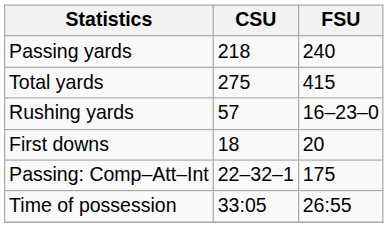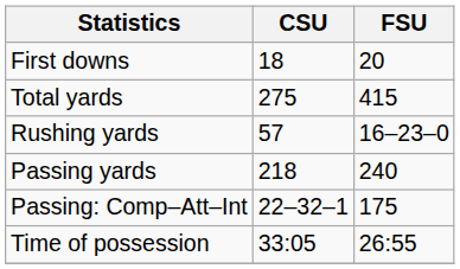 <table class="wikitable" style="float: left;">
 <tr>
 <th>Statistics</th>
 <th>CSU</th>
 <th>FSU</th>
 </tr>
 <tr>
-<td>Passing yards</td>
-<td>218</td>
-<td>240</td>
+<td>First downs</td>
+<td>18</td>
+<td>20</td>
 </tr>
 <tr>
 <td>Total yards</td>
 <td>275</td>
 <td>415</td>
 </tr>
 <tr>
 <td>Rushing yards</td>
 <td>57</td>
 <td>16–23–0</td>
 </tr>
 <tr>
-<td>First downs</td>
-<td>18</td>
-<td>20</td>
+<td>Passing yards</td>
+<td>218</td>
+<td>240</td>
 </tr>
 <tr>
 <td>Passing: Comp–Att–Int</td>
 <td>22–32–1</td>
 <td>175</td>
 </tr>
 <tr>
 <td>Time of possession</td>
 <td>33:05</td>
 <td>26:55</td>
 </tr>
 <tr>
 </tr>
 </table>
